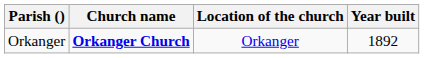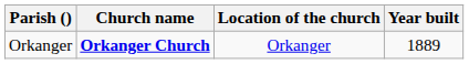 <table class="wikitable" style="text-align:center">
 <tr>
 <th>Parish ()</th>
 <th>Church name</th>
 <th>Location of the church</th>
 <th>Year built</th>
 </tr>
 <tr>
 <td rowspan="1">Orkanger</td>
 <td><strong><a href='#'>Orkanger Church</a></strong></td>
 <td><a href='#'>Orkanger</a></td>
-<td>1892</td>
+<td>1889</td>
 </tr>
 </table>
